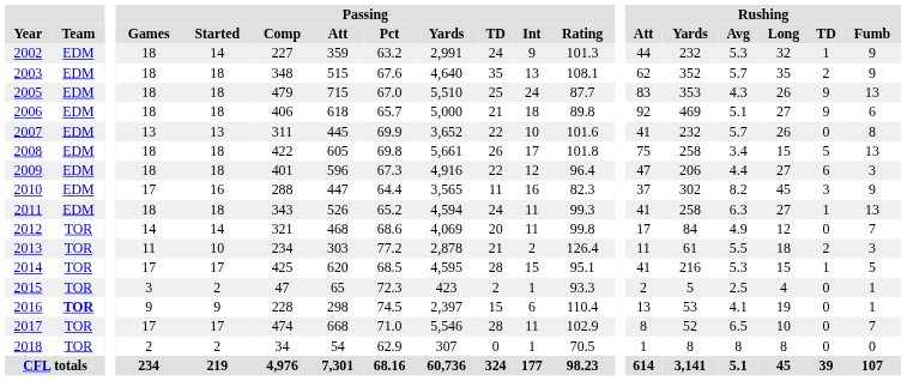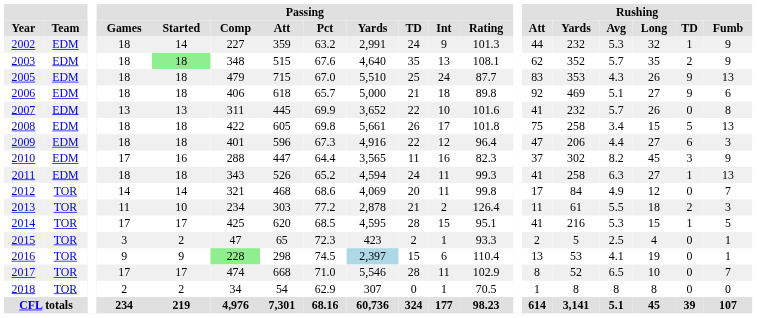 <table BORDER="0" CELLPADDING="2" CELLSPACING="0" width="80%" style="text-align:center">
 <tr bgcolor="#e0e0e0">
 <th colspan="2"></th>
 <th rowspan="99" bgcolor="#ffffff"> </th>
 <th colspan="9">Passing</th>
 <th rowspan="99" bgcolor="#ffffff"> </th>
 <th colspan="6">Rushing</th>
 </tr>
 <tr bgcolor="#e0e0e0">
 <th>Year</th>
 <th>Team</th>
 <th>Games</th>
 <th>Started</th>
 <th>Comp</th>
 <th>Att</th>
 <th>Pct</th>
 <th>Yards</th>
 <th>TD</th>
 <th>Int</th>
 <th>Rating</th>
 <th>Att</th>
 <th>Yards</th>
 <th>Avg</th>
 <th>Long</th>
 <th>TD</th>
 <th>Fumb</th>
 </tr>
 <tr ALIGN="center" bgcolor="#f0f0f0">
 <td><a href='#'>2002</a></td>
 <td><a href='#'>EDM</a></td>
 <td>18</td>
 <td>14</td>
 <td>227</td>
 <td>359</td>
 <td>63.2</td>
 <td>2,991</td>
 <td>24</td>
 <td>9</td>
 <td>101.3</td>
 <td>44</td>
 <td>232</td>
 <td>5.3</td>
 <td>32</td>
 <td>1</td>
 <td>9</td>
 </tr>
 <tr ALIGN="center">
 <td><a href='#'>2003</a></td>
 <td><a href='#'>EDM</a></td>
 <td>18</td>
-<td>18</td>
+<td style="background: lightgreen;">18</td>
 <td>348</td>
 <td>515</td>
 <td>67.6</td>
 <td>4,640</td>
 <td>35</td>
 <td>13</td>
 <td>108.1</td>
 <td>62</td>
 <td>352</td>
 <td>5.7</td>
 <td>35</td>
 <td>2</td>
 <td>9</td>
 </tr>
 <tr ALIGN="center" bgcolor="#f0f0f0">
 <td><a href='#'>2005</a></td>
 <td><a href='#'>EDM</a></td>
 <td>18</td>
 <td>18</td>
 <td>479</td>
 <td>715</td>
 <td>67.0</td>
 <td>5,510</td>
 <td>25</td>
 <td>24</td>
 <td>87.7</td>
 <td>83</td>
 <td>353</td>
 <td>4.3</td>
 <td>26</td>
 <td>9</td>
 <td>13</td>
 </tr>
 <tr ALIGN="center">
 <td><a href='#'>2006</a></td>
 <td><a href='#'>EDM</a></td>
 <td>18</td>
 <td>18</td>
 <td>406</td>
 <td>618</td>
 <td>65.7</td>
 <td>5,000</td>
 <td>21</td>
 <td>18</td>
 <td>89.8</td>
 <td>92</td>
 <td>469</td>
 <td>5.1</td>
 <td>27</td>
 <td>9</td>
 <td>6</td>
 </tr>
 <tr ALIGN="center" bgcolor="#f0f0f0">
 <td><a href='#'>2007</a></td>
 <td><a href='#'>EDM</a></td>
 <td>13</td>
 <td>13</td>
 <td>311</td>
 <td>445</td>
 <td>69.9</td>
 <td>3,652</td>
 <td>22</td>
 <td>10</td>
 <td>101.6</td>
 <td>41</td>
 <td>232</td>
 <td>5.7</td>
 <td>26</td>
 <td>0</td>
 <td>8</td>
 </tr>
 <tr ALIGN="center">
 <td><a href='#'>2008</a></td>
 <td><a href='#'>EDM</a></td>
 <td>18</td>
 <td>18</td>
 <td>422</td>
 <td>605</td>
 <td>69.8</td>
 <td>5,661</td>
 <td>26</td>
 <td>17</td>
 <td>101.8</td>
 <td>75</td>
 <td>258</td>
 <td>3.4</td>
 <td>15</td>
 <td>5</td>
 <td>13</td>
 </tr>
 <tr ALIGN="center" bgcolor="#f0f0f0">
 <td><a href='#'>2009</a></td>
 <td><a href='#'>EDM</a></td>
 <td>18</td>
 <td>18</td>
 <td>401</td>
 <td>596</td>
 <td>67.3</td>
 <td>4,916</td>
 <td>22</td>
 <td>12</td>
 <td>96.4</td>
 <td>47</td>
 <td>206</td>
 <td>4.4</td>
 <td>27</td>
 <td>6</td>
 <td>3</td>
 </tr>
 <tr ALIGN="center">
 <td><a href='#'>2010</a></td>
 <td><a href='#'>EDM</a></td>
 <td>17</td>
 <td>16</td>
 <td>288</td>
 <td>447</td>
 <td>64.4</td>
 <td>3,565</td>
 <td>11</td>
 <td>16</td>
 <td>82.3</td>
 <td>37</td>
 <td>302</td>
 <td>8.2</td>
 <td>45</td>
 <td>3</td>
 <td>9</td>
 </tr>
 <tr ALIGN="center" bgcolor="#f0f0f0">
 <td><a href='#'>2011</a></td>
 <td><a href='#'>EDM</a></td>
 <td>18</td>
 <td>18</td>
 <td>343</td>
 <td>526</td>
 <td>65.2</td>
 <td>4,594</td>
 <td>24</td>
 <td>11</td>
 <td>99.3</td>
 <td>41</td>
 <td>258</td>
 <td>6.3</td>
 <td>27</td>
 <td>1</td>
 <td>13</td>
 </tr>
 <tr ALIGN="center">
 <td><a href='#'>2012</a></td>
 <td><a href='#'>TOR</a></td>
 <td>14</td>
 <td>14</td>
 <td>321</td>
 <td>468</td>
 <td>68.6</td>
 <td>4,069</td>
 <td>20</td>
 <td>11</td>
 <td>99.8</td>
 <td>17</td>
 <td>84</td>
 <td>4.9</td>
 <td>12</td>
 <td>0</td>
 <td>7</td>
 </tr>
 <tr ALIGN="center" bgcolor="#f0f0f0">
 <td><a href='#'>2013</a></td>
 <td><a href='#'>TOR</a></td>
 <td>11</td>
 <td>10</td>
 <td>234</td>
 <td>303</td>
 <td>77.2</td>
 <td>2,878</td>
 <td>21</td>
 <td>2</td>
 <td>126.4</td>
 <td>11</td>
 <td>61</td>
 <td>5.5</td>
 <td>18</td>
 <td>2</td>
 <td>3</td>
 </tr>
 <tr ALIGN="center">
 <td><a href='#'>2014</a></td>
 <td><a href='#'>TOR</a></td>
 <td>17</td>
 <td>17</td>
 <td>425</td>
 <td>620</td>
 <td>68.5</td>
 <td>4,595</td>
 <td>28</td>
 <td>15</td>
 <td>95.1</td>
 <td>41</td>
 <td>216</td>
 <td>5.3</td>
 <td>15</td>
 <td>1</td>
 <td>5</td>
 </tr>
 <tr ALIGN="center" bgcolor="#f0f0f0">
 <td><a href='#'>2015</a></td>
 <td><a href='#'>TOR</a></td>
 <td>3</td>
 <td>2</td>
 <td>47</td>
 <td>65</td>
 <td>72.3</td>
 <td>423</td>
 <td>2</td>
 <td>1</td>
 <td>93.3</td>
 <td>2</td>
 <td>5</td>
 <td>2.5</td>
 <td>4</td>
 <td>0</td>
 <td>1</td>
 </tr>
 <tr ALIGN="center">
 <td><a href='#'>2016</a></td>
-<td><strong><a href='#'>TOR</a></strong></td>
+<td><a href='#'>TOR</a></td>
 <td>9</td>
 <td>9</td>
-<td>228</td>
+<td style="background: lightgreen;">228</td>
 <td>298</td>
 <td>74.5</td>
-<td>2,397</td>
+<td style="background: lightblue;">2,397</td>
 <td>15</td>
 <td>6</td>
 <td>110.4</td>
 <td>13</td>
 <td>53</td>
 <td>4.1</td>
 <td>19</td>
 <td>0</td>
 <td>1</td>
 </tr>
 <tr ALIGN="center" bgcolor="#f0f0f0">
 <td><a href='#'>2017</a></td>
 <td><a href='#'>TOR</a></td>
 <td>17</td>
 <td>17</td>
 <td>474</td>
 <td>668</td>
 <td>71.0</td>
 <td>5,546</td>
 <td>28</td>
 <td>11</td>
 <td>102.9</td>
 <td>8</td>
 <td>52</td>
 <td>6.5</td>
 <td>10</td>
 <td>0</td>
 <td>7</td>
 </tr>
 <tr ALIGN="center">
 <td><a href='#'>2018</a></td>
 <td><a href='#'>TOR</a></td>
 <td>2</td>
 <td>2</td>
 <td>34</td>
 <td>54</td>
 <td>62.9</td>
 <td>307</td>
 <td>0</td>
 <td>1</td>
 <td>70.5</td>
 <td>1</td>
 <td>8</td>
 <td>8</td>
 <td>8</td>
 <td>0</td>
 <td>0</td>
 </tr>
 <tr bgcolor="#e0e0e0">
 <th colspan="2"><a href='#'>CFL</a> totals</th>
 <th>234</th>
 <th>219</th>
 <th>4,976</th>
 <th>7,301</th>
 <th>68.16</th>
 <th>60,736</th>
 <th>324</th>
 <th>177</th>
 <th>98.23</th>
 <th>614</th>
 <th>3,141</th>
 <th>5.1</th>
 <th>45</th>
 <th>39</th>
 <th>107</th>
 </tr>
 </table>
